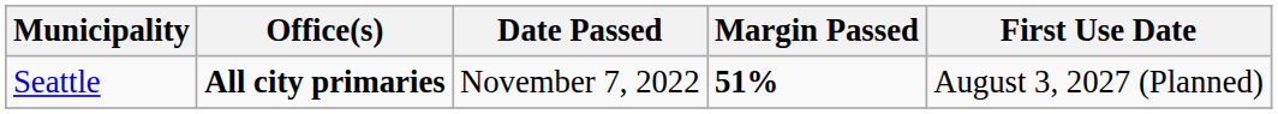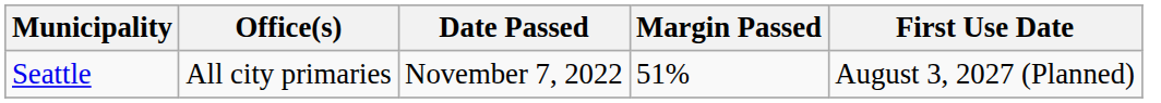 <table class="wikitable">
 <tr>
 <th>Municipality</th>
 <th>Office(s)</th>
 <th>Date Passed</th>
 <th>Margin Passed</th>
 <th>First Use Date</th>
 </tr>
 <tr>
 <td><a href='#'>Seattle</a></td>
-<td><strong>All city primaries</strong></td>
+<td>All city primaries</td>
 <td>November 7, 2022</td>
-<td><strong>51%</strong></td>
+<td>51%</td>
 <td>August 3, 2027 (Planned)</td>
 </tr>
 </table>
